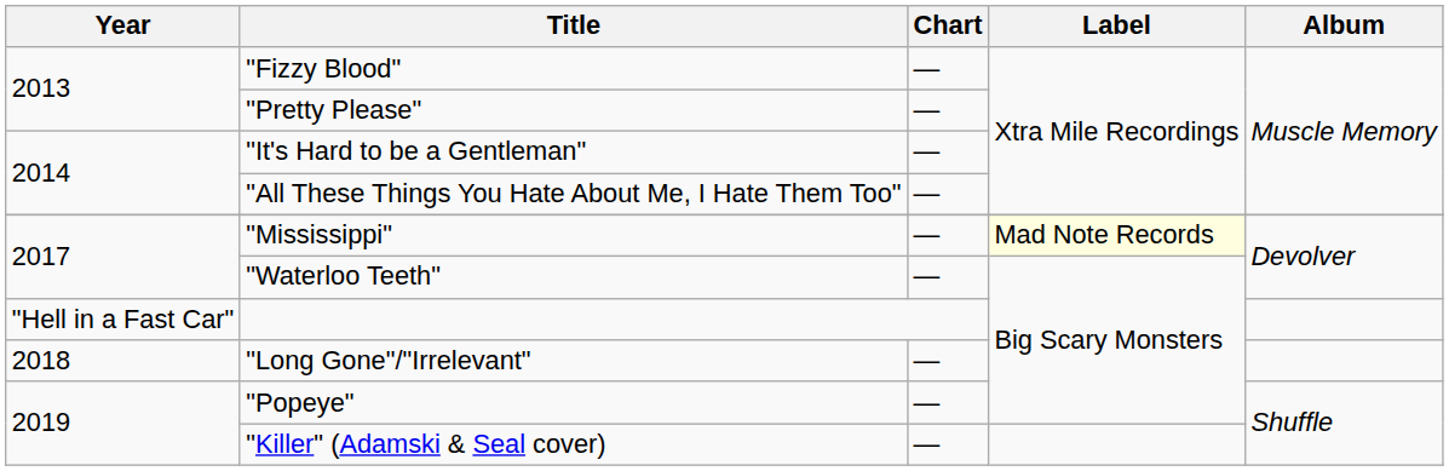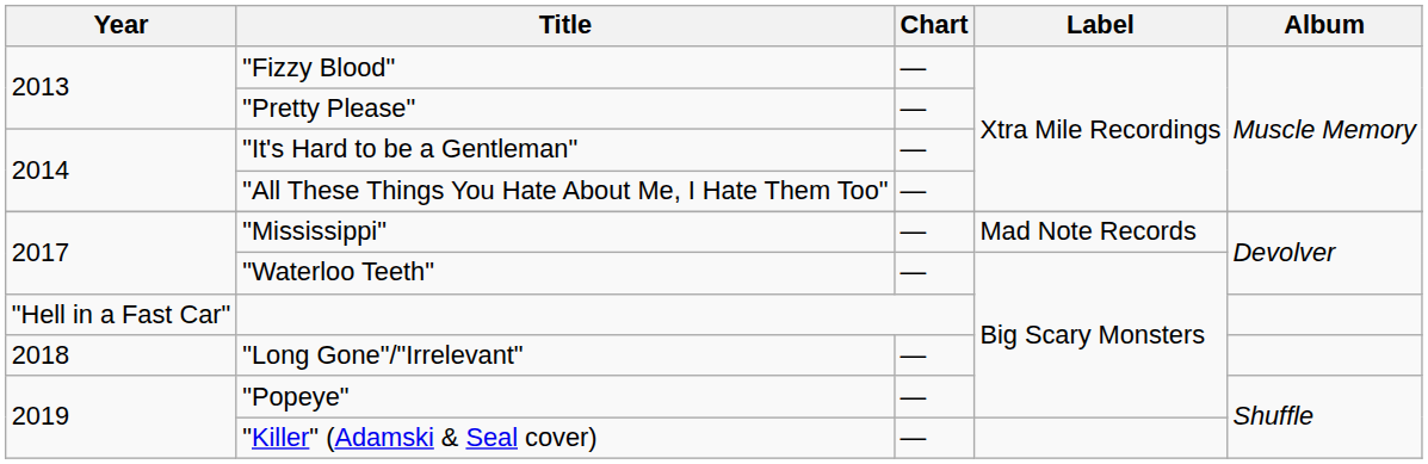 <table class="wikitable">
 <tr>
 <th>Year</th>
 <th>Title</th>
 <th>Chart</th>
 <th>Label</th>
 <th>Album</th>
 </tr>
 <tr>
 <td rowspan=2>2013</td>
 <td>"Fizzy Blood"</td>
 <td>—</td>
 <td rowspan=4>Xtra Mile Recordings</td>
 <td rowspan=4><em>Muscle Memory</em></td>
 </tr>
 <tr>
 <td>"Pretty Please"</td>
 <td>—</td>
 </tr>
 <tr>
 <td rowspan=2>2014</td>
 <td>"It's Hard to be a Gentleman"</td>
 <td>—</td>
 </tr>
 <tr>
 <td>"All These Things You Hate About Me, I Hate Them Too"</td>
 <td>—</td>
 </tr>
 <tr>
 </tr>
 <tr>
 <td rowspan=3>2017</td>
 <td>"Mississippi"</td>
 <td>—</td>
-<td style="background: lightyellow;">Mad Note Records</td>
+<td>Mad Note Records</td>
 <td rowspan=3><em>Devolver</em></td>
 </tr>
 <tr>
 <td>"Waterloo Teeth"</td>
 <td>—</td>
 <td rowspan=5>Big Scary Monsters</td>
 </tr>
 <tr>
 </tr>
 <tr>
 <td>"Hell in a Fast Car"</td>
 </tr>
 <tr>
 <td rowspan=1>2018</td>
 <td>"Long Gone"/"Irrelevant"</td>
 <td>—</td>
 <td rowspan=1></td>
 </tr>
 <tr>
 <td rowspan=2>2019</td>
 <td>"Popeye"</td>
 <td>—</td>
 <td rowspan=2><em>Shuffle</em></td>
 </tr>
 <tr>
 <td>"<a href='#'>Killer</a>" (<a href='#'>Adamski</a> & <a href='#'>Seal</a> cover)</td>
 <td>—</td>
 </tr>
 </table>
